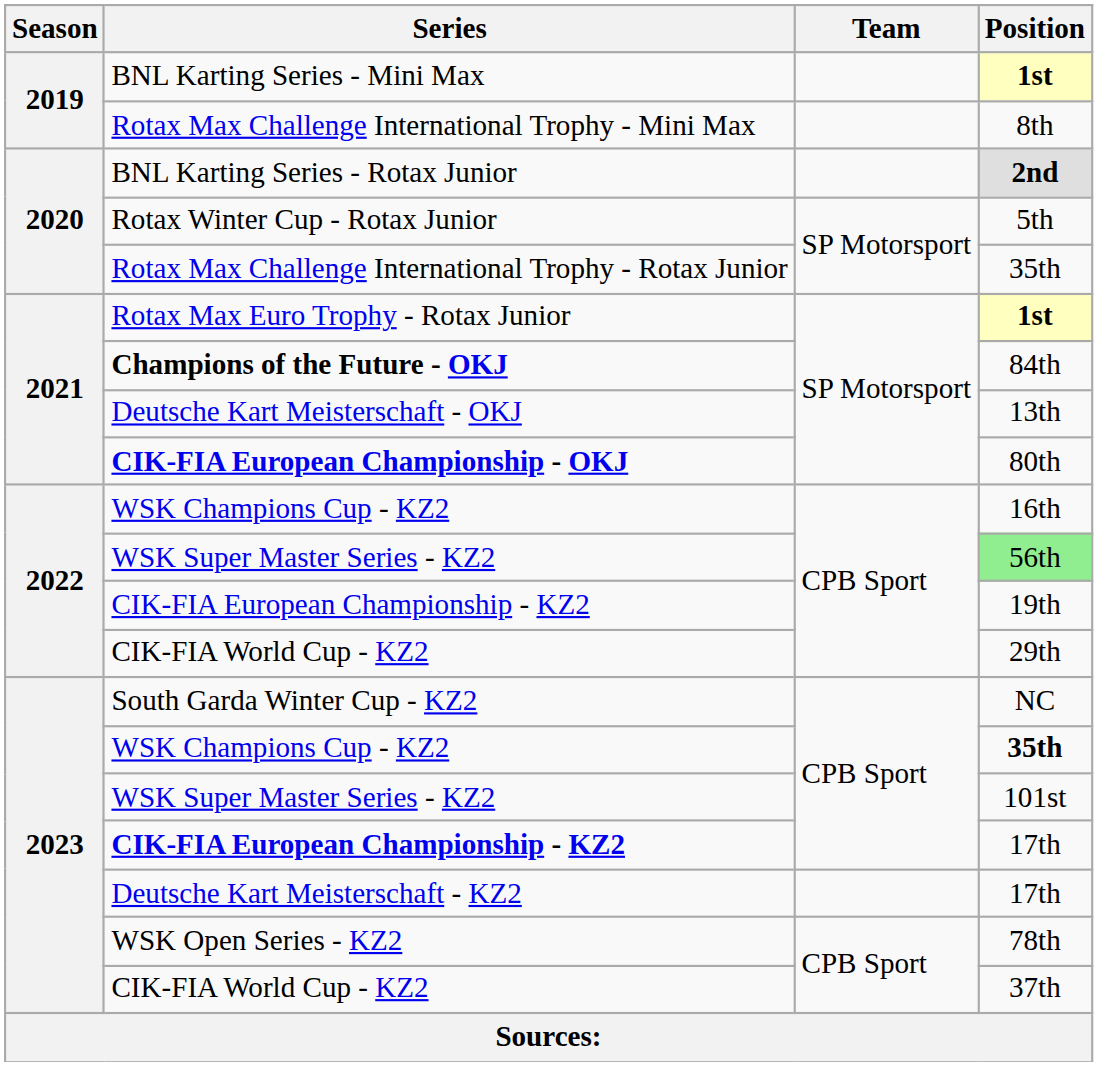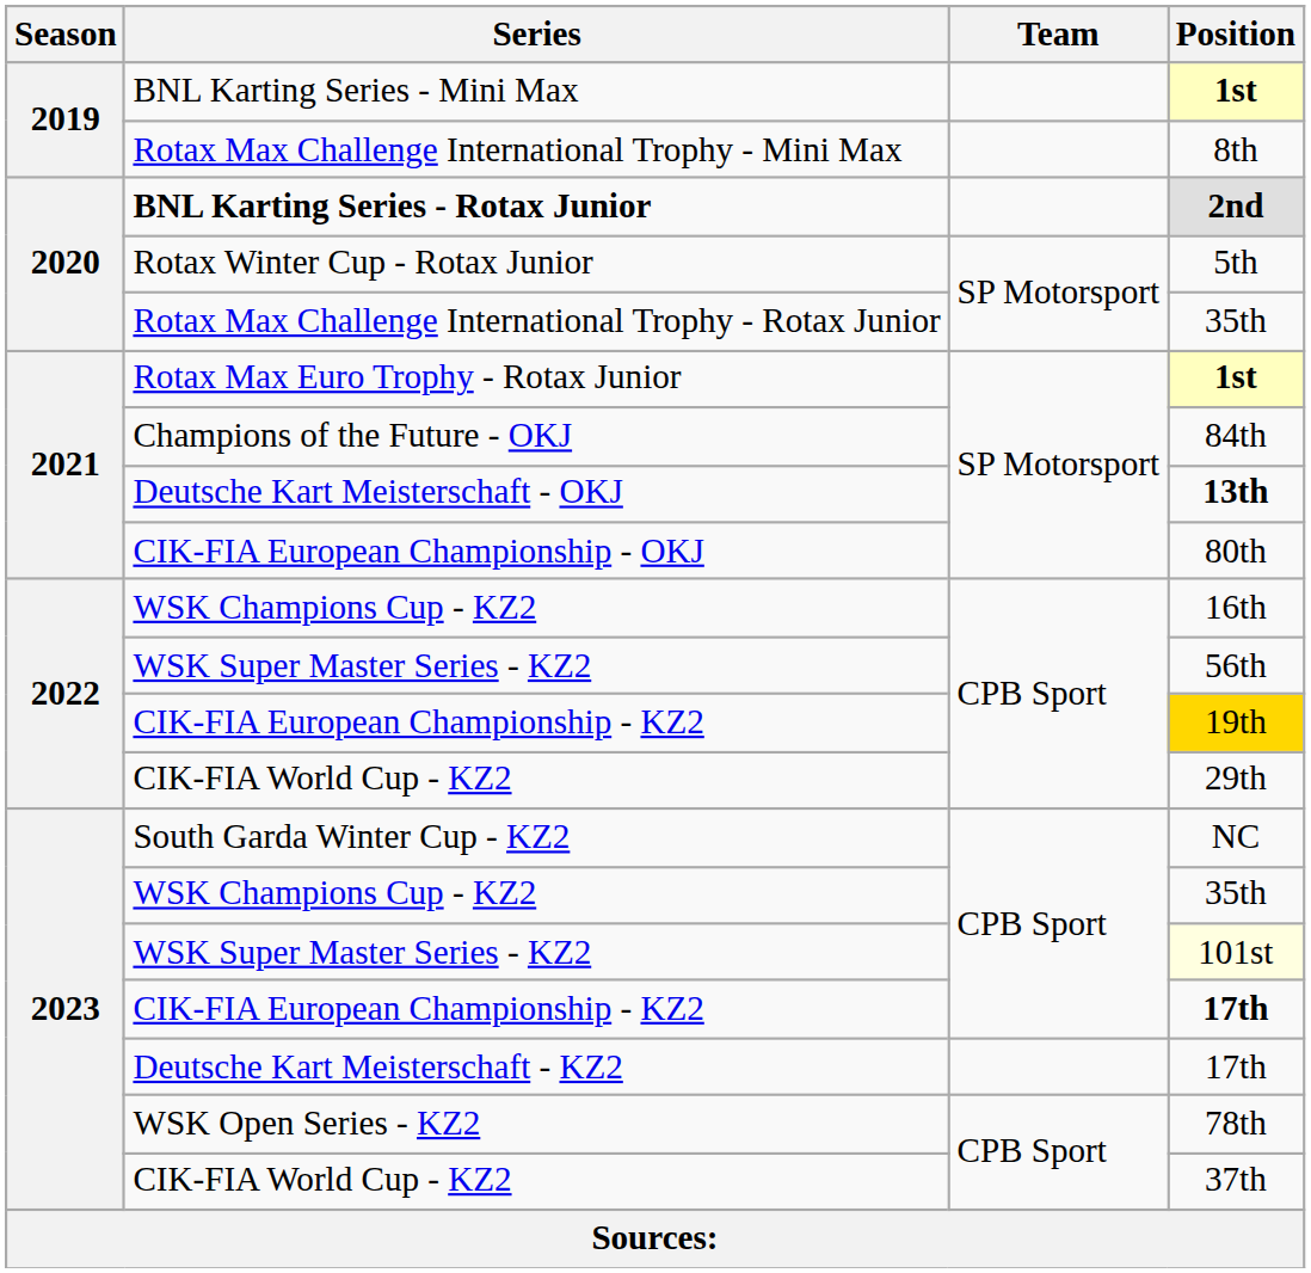 <table class="wikitable" style="font-size: 85%; text-align:center">
 <tr>
 <th>Season</th>
 <th>Series</th>
 <th>Team</th>
 <th>Position</th>
 </tr>
 <tr>
 <th rowspan="2">2019</th>
 <td align="left">BNL Karting Series - Mini Max</td>
 <td align="left"></td>
 <td style="background:#FFFFBF;"><strong>1st</strong></td>
 </tr>
 <tr>
 <td align="left"><a href='#'>Rotax Max Challenge</a> International Trophy - Mini Max</td>
 <td></td>
 <td>8th</td>
 </tr>
 <tr>
 <th rowspan="3">2020</th>
-<td align="left">BNL Karting Series - Rotax Junior</td>
+<td align="left"><strong>BNL Karting Series - Rotax Junior</strong></td>
 <td></td>
 <td style="background:#DFDFDF;"><strong>2nd</strong></td>
 </tr>
 <tr>
 <td align="left">Rotax Winter Cup - Rotax Junior</td>
 <td rowspan="2"  align="left">SP Motorsport</td>
 <td>5th</td>
 </tr>
 <tr>
 <td align="left"><a href='#'>Rotax Max Challenge</a> International Trophy - Rotax Junior</td>
 <td>35th</td>
 </tr>
 <tr>
 <th rowspan="4">2021</th>
 <td align="left"><a href='#'>Rotax Max Euro Trophy</a> - Rotax Junior</td>
 <td rowspan="4"  align="left">SP Motorsport</td>
 <td style="background:#FFFFBF;"><strong>1st</strong></td>
 </tr>
 <tr>
-<td align="left"><strong>Champions of the Future - <a href='#'>OKJ</a></strong></td>
+<td align="left">Champions of the Future - <a href='#'>OKJ</a></td>
 <td>84th</td>
 </tr>
 <tr>
 <td align="left"><a href='#'>Deutsche Kart Meisterschaft</a> - <a href='#'>OKJ</a></td>
-<td>13th</td>
+<td><strong>13th</strong></td>
 </tr>
 <tr>
-<td align="left"><strong><a href='#'>CIK-FIA European Championship</a> - <a href='#'>OKJ</a></strong></td>
+<td align="left"><a href='#'>CIK-FIA European Championship</a> - <a href='#'>OKJ</a></td>
 <td>80th</td>
 </tr>
 <tr>
 <th rowspan="4">2022</th>
 <td align="left"><a href='#'>WSK Champions Cup</a> - <a href='#'>KZ2</a></td>
 <td rowspan="4"  align="left">CPB Sport</td>
 <td>16th</td>
 </tr>
 <tr>
 <td align="left"><a href='#'>WSK Super Master Series</a> - <a href='#'>KZ2</a></td>
-<td style="background: lightgreen;">56th</td>
+<td>56th</td>
 </tr>
 <tr>
 <td align="left"><a href='#'>CIK-FIA European Championship</a> - <a href='#'>KZ2</a></td>
-<td>19th</td>
+<td style="background: gold;">19th</td>
 </tr>
 <tr>
 <td align="left">CIK-FIA World Cup - <a href='#'>KZ2</a></td>
 <td>29th</td>
 </tr>
 <tr>
 <th rowspan="7">2023</th>
 <td align="left">South Garda Winter Cup - <a href='#'>KZ2</a></td>
 <td rowspan="4"  align="left">CPB Sport</td>
 <td>NC</td>
 </tr>
 <tr>
 <td align="left"><a href='#'>WSK Champions Cup</a> - <a href='#'>KZ2</a></td>
-<td><strong>35th</strong></td>
+<td>35th</td>
 </tr>
 <tr>
 <td align="left"><a href='#'>WSK Super Master Series</a> - <a href='#'>KZ2</a></td>
-<td>101st</td>
+<td style="background: lightyellow;">101st</td>
 </tr>
 <tr>
-<td align="left"><strong><a href='#'>CIK-FIA European Championship</a> - <a href='#'>KZ2</a></strong></td>
-<td>17th</td>
+<td align="left"><a href='#'>CIK-FIA European Championship</a> - <a href='#'>KZ2</a></td>
+<td><strong>17th</strong></td>
 </tr>
 <tr>
 <td align="left"><a href='#'>Deutsche Kart Meisterschaft</a> - <a href='#'>KZ2</a></td>
 <td></td>
 <td>17th</td>
 </tr>
 <tr>
 <td align="left">WSK Open Series -  <a href='#'>KZ2</a></td>
 <td rowspan="2" align="left">CPB Sport</td>
 <td>78th</td>
 </tr>
 <tr>
 <td align="left">CIK-FIA World Cup - <a href='#'>KZ2</a></td>
 <td>37th</td>
 </tr>
 <tr>
 <th colspan="4">Sources:</th>
 </tr>
 </table>
